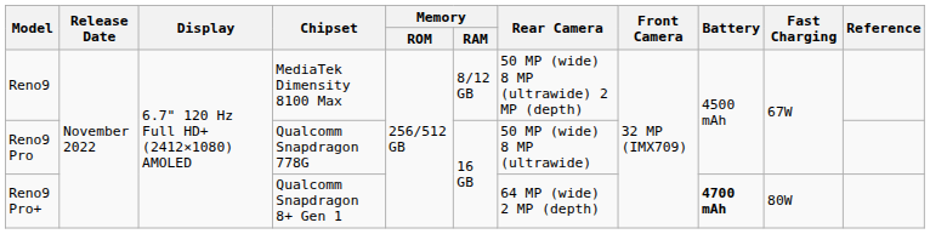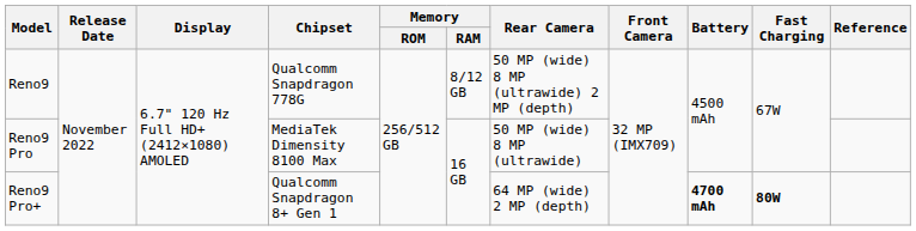 <table class="wikitable sortable">
 <tr>
 <th rowspan="2">Model</th>
 <th rowspan="2">Release Date</th>
 <th rowspan="2">Display</th>
 <th rowspan="2">Chipset</th>
 <th colspan="2">Memory</th>
 <th rowspan="2">Rear Camera</th>
 <th rowspan="2">Front Camera</th>
 <th rowspan="2">Battery</th>
 <th rowspan="2">Fast Charging</th>
 <th rowspan="2">Reference</th>
 </tr>
 <tr>
 <th>ROM</th>
 <th>RAM</th>
 </tr>
 <tr>
 <td>Reno9</td>
 <td rowspan="3">November 2022</td>
 <td rowspan="3">6.7" 120 Hz Full HD+ (2412×1080) AMOLED</td>
-<td>MediaTek Dimensity 8100 Max</td>
+<td>Qualcomm Snapdragon 778G</td>
 <td rowspan="3">256/512 GB</td>
 <td>8/12 GB</td>
 <td>50 MP (wide)<br>8 MP (ultrawide) 2 MP (depth)</td>
 <td rowspan="3">32 MP (IMX709)</td>
 <td rowspan="2">4500 mAh</td>
 <td rowspan="2">67W</td>
 <td></td>
 </tr>
 <tr>
 <td>Reno9 Pro</td>
-<td>Qualcomm Snapdragon 778G</td>
+<td>MediaTek Dimensity 8100 Max</td>
 <td rowspan="2">16 GB</td>
 <td>50 MP (wide)<br>8 MP (ultrawide)</td>
 </tr>
 <tr>
 <td>Reno9 Pro+</td>
 <td>Qualcomm Snapdragon 8+ Gen 1</td>
 <td>64 MP (wide) 2 MP (depth)</td>
 <td><strong>4700 mAh</strong></td>
-<td>80W</td>
+<td><strong>80W</strong></td>
 <td></td>
 </tr>
 </table>
